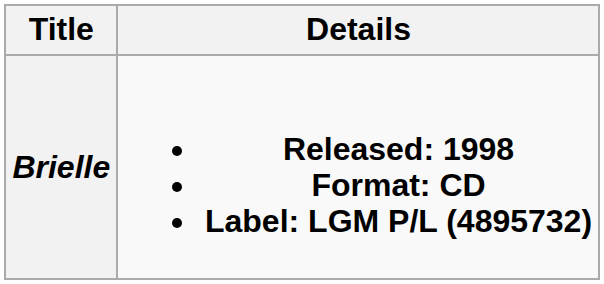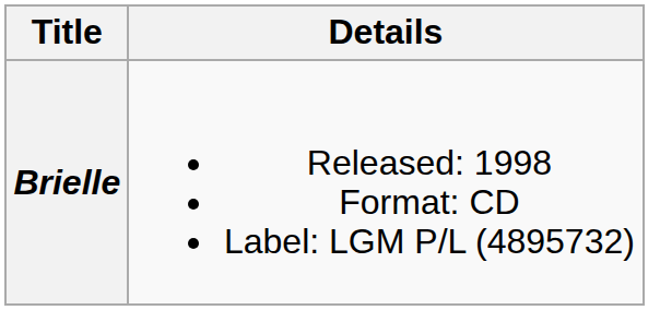 <table class="wikitable plainrowheaders" style="text-align:center;" border="1">
 <tr>
 <th>Title</th>
 <th>Details</th>
 </tr>
 <tr>
 <th scope="row"><em>Brielle</em></th>
-<td><strong><br><ul><li>Released: 1998</li><li>Format: CD</li><li>Label: LGM P/L (4895732)</li></ul></strong></td>
+<td><br><ul><li>Released: 1998</li><li>Format: CD</li><li>Label: LGM P/L (4895732)</li></ul></td>
 </tr>
 </table>
